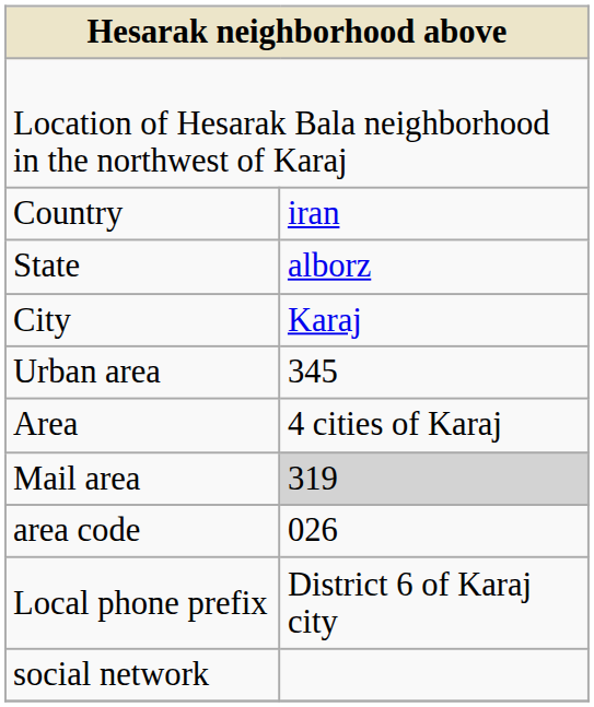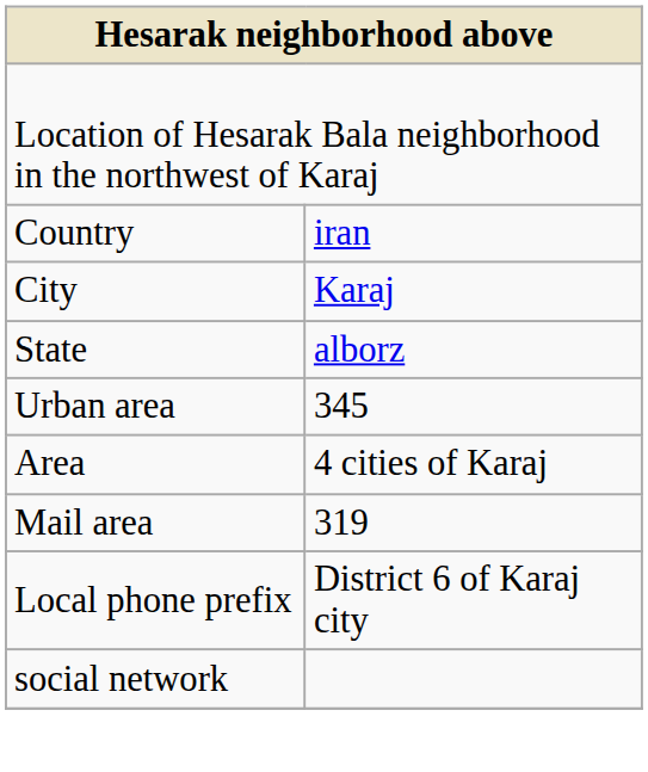 <table class="prettytable" border="1" width="280" cellpadding="2" cellspacing="0" align="right" style="margin-right:0em;margin-bottom:1em">
 <tr>
 <th colspan="2" style="background:#ECE5C9;color:#000000"><strong>Hesarak neighborhood above</strong></th>
 </tr>
 <tr>
 <td colspan="2"><br>Location of Hesarak Bala neighborhood in the northwest of Karaj</td>
 </tr>
 <tr>
 <td>Country</td>
 <td><a href='#'>iran</a></td>
 </tr>
 <tr>
+<td>City</td>
+<td><a href='#'>Karaj</a></td>
+</tr>
+<tr>
 <td>State</td>
 <td><a href='#'>alborz</a></td>
-</tr>
-<tr>
-<td>City</td>
-<td><a href='#'>Karaj</a></td>
 </tr>
 <tr>
 <td>Urban area</td>
 <td>345</td>
 </tr>
 <tr>
 <td>Area</td>
 <td>4 cities of Karaj</td>
 </tr>
 <tr>
 <td>Mail area</td>
-<td style="background: lightgrey;">319</td>
-</tr>
-<tr>
-<td>area code</td>
-<td>026</td>
+<td>319</td>
 </tr>
 <tr>
 <td>Local phone prefix</td>
 <td>District 6 of Karaj city</td>
 </tr>
 <tr>
 <td>social network</td>
 <td></td>
 </tr>
 <tr>
 </tr>
 </table>
